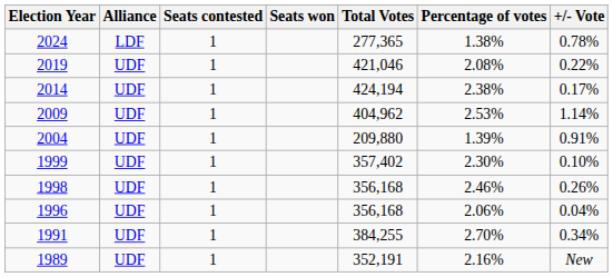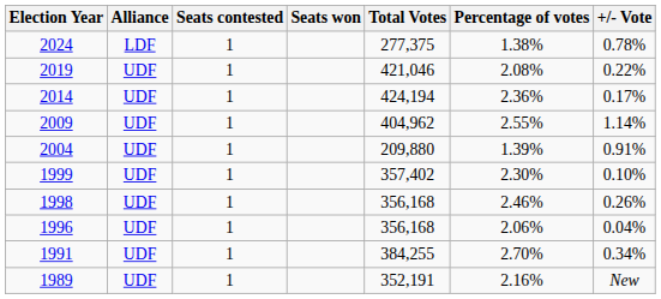 <table class="wikitable" style="text-align:center">
 <tr>
 <th Style="background-color:">Election Year</th>
 <th Style="background-color:">Alliance</th>
 <th Style="background-color:">Seats contested</th>
 <th Style="background-color:">Seats won</th>
 <th Style="background-color:">Total Votes</th>
 <th Style="background-color:">Percentage of votes</th>
 <th Style="background-color:">+/- Vote</th>
 </tr>
 <tr>
 <td><a href='#'>2024</a></td>
 <td><a href='#'>LDF</a></td>
 <td>1</td>
 <td></td>
-<td>277,365</td>
+<td>277,375</td>
 <td>1.38%</td>
 <td> 0.78%</td>
 </tr>
 <tr>
 <td><a href='#'>2019</a></td>
 <td><a href='#'>UDF</a></td>
 <td>1</td>
 <td></td>
 <td>421,046</td>
 <td>2.08%</td>
 <td> 0.22%</td>
 </tr>
 <tr>
 <td><a href='#'>2014</a></td>
 <td><a href='#'>UDF</a></td>
 <td>1</td>
 <td></td>
 <td>424,194</td>
-<td>2.38%</td>
+<td>2.36%</td>
 <td> 0.17%</td>
 </tr>
 <tr>
 <td><a href='#'>2009</a></td>
 <td><a href='#'>UDF</a></td>
 <td>1</td>
 <td></td>
 <td>404,962</td>
-<td>2.53%</td>
+<td>2.55%</td>
 <td> 1.14%</td>
 </tr>
 <tr>
 <td><a href='#'>2004</a></td>
 <td><a href='#'>UDF</a></td>
 <td>1</td>
 <td></td>
 <td>209,880</td>
 <td>1.39%</td>
 <td> 0.91%</td>
 </tr>
 <tr>
 <td><a href='#'>1999</a></td>
 <td><a href='#'>UDF</a></td>
 <td>1</td>
 <td></td>
 <td>357,402</td>
 <td>2.30%</td>
 <td> 0.10%</td>
 </tr>
 <tr>
 <td><a href='#'>1998</a></td>
 <td><a href='#'>UDF</a></td>
 <td>1</td>
 <td></td>
 <td>356,168</td>
 <td>2.46%</td>
 <td> 0.26%</td>
 </tr>
 <tr>
 <td><a href='#'>1996</a></td>
 <td><a href='#'>UDF</a></td>
 <td>1</td>
 <td></td>
 <td>356,168</td>
 <td>2.06%</td>
 <td> 0.04%</td>
 </tr>
 <tr>
 <td><a href='#'>1991</a></td>
 <td><a href='#'>UDF</a></td>
 <td>1</td>
 <td></td>
 <td>384,255</td>
 <td>2.70%</td>
 <td> 0.34%</td>
 </tr>
 <tr>
 <td><a href='#'>1989</a></td>
 <td><a href='#'>UDF</a></td>
 <td>1</td>
 <td></td>
 <td>352,191</td>
 <td>2.16%</td>
 <td><em>New</em></td>
 </tr>
 </table>
